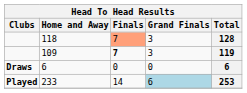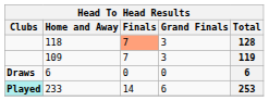 <table class="wikitable" border="1">
 <tr>
 <th colspan="5">Head To Head Results</th>
 </tr>
 <tr>
 <th>Clubs</th>
 <th>Home and Away</th>
 <th>Finals</th>
 <th>Grand Finals</th>
 <th>Total</th>
 </tr>
 <tr>
 <td> <strong></strong></td>
 <td>118</td>
 <td style="background: lightsalmon;">7</td>
 <td>3</td>
 <th>128</th>
 </tr>
 <tr>
 <td> <strong></strong></td>
 <td>109</td>
-<td><strong>7</strong></td>
+<td>7</td>
 <td>3</td>
 <th>119</th>
 </tr>
 <tr>
 <td><strong>Draws</strong></td>
 <td>6</td>
 <td>0</td>
 <td>0</td>
 <th>6</th>
 </tr>
 <tr>
-<td><strong>Played</strong></td>
+<td style="background: paleturquoise;"><strong>Played</strong></td>
 <td>233</td>
 <td>14</td>
-<td style="background: lightblue;">6</td>
+<td>6</td>
 <th>253</th>
 </tr>
 <tr>
 </tr>
 </table>
